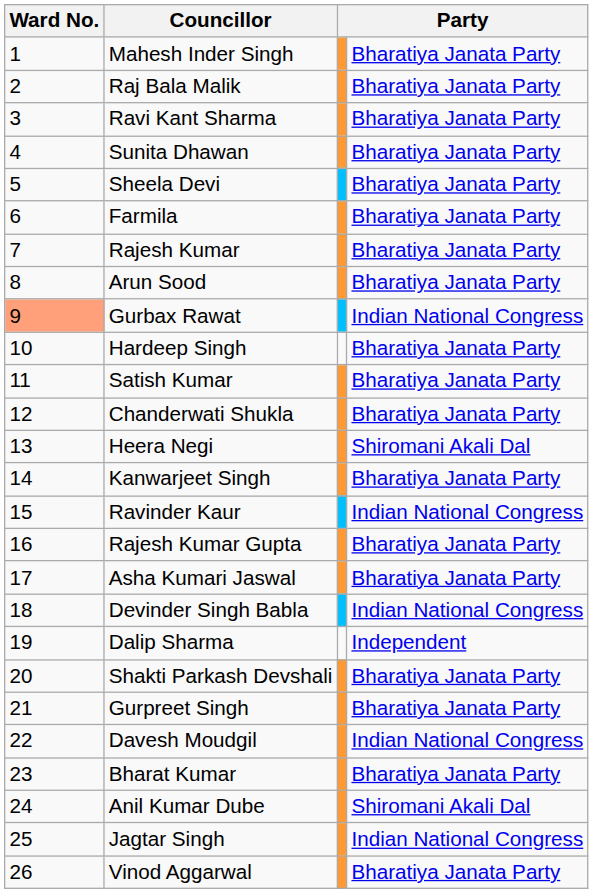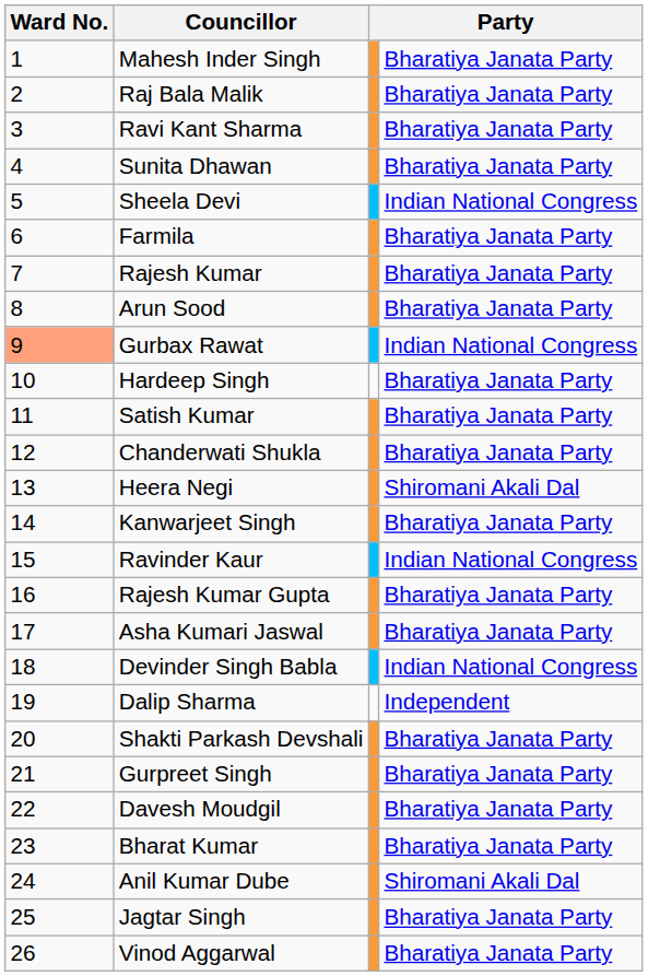 <table class="wikitable sortable">
 <tr>
 <th>Ward No.</th>
 <th>Councillor</th>
 <th colspan="2">Party</th>
 </tr>
 <tr>
 <td>1</td>
 <td>Mahesh Inder Singh</td>
 <td bgcolor=#FF9933></td>
 <td><a href='#'>Bharatiya Janata Party</a></td>
 </tr>
 <tr>
 <td>2</td>
 <td>Raj Bala Malik</td>
 <td bgcolor=#FF9933></td>
 <td><a href='#'>Bharatiya Janata Party</a></td>
 </tr>
 <tr>
 <td>3</td>
 <td>Ravi Kant Sharma</td>
 <td bgcolor=#FF9933></td>
 <td><a href='#'>Bharatiya Janata Party</a></td>
 </tr>
 <tr>
 <td>4</td>
 <td>Sunita Dhawan</td>
 <td bgcolor=#FF9933></td>
 <td><a href='#'>Bharatiya Janata Party</a></td>
 </tr>
 <tr>
 <td>5</td>
 <td>Sheela Devi</td>
 <td bgcolor=#00BFFF></td>
-<td><a href='#'>Bharatiya Janata Party</a></td>
+<td><a href='#'>Indian National Congress</a></td>
 </tr>
 <tr>
 <td>6</td>
 <td>Farmila</td>
 <td bgcolor=#FF9933></td>
 <td><a href='#'>Bharatiya Janata Party</a></td>
 </tr>
 <tr>
 <td>7</td>
 <td>Rajesh Kumar</td>
 <td bgcolor=#FF9933></td>
 <td><a href='#'>Bharatiya Janata Party</a></td>
 </tr>
 <tr>
 <td>8</td>
 <td>Arun Sood</td>
 <td bgcolor=#FF9933></td>
 <td><a href='#'>Bharatiya Janata Party</a></td>
 </tr>
 <tr>
 <td style="background: lightsalmon;">9</td>
 <td>Gurbax Rawat</td>
 <td bgcolor=#00BFFF></td>
 <td><a href='#'>Indian National Congress</a></td>
 </tr>
 <tr>
 <td>10</td>
 <td>Hardeep Singh</td>
 <td bgcolor=></td>
 <td><a href='#'>Bharatiya Janata Party</a></td>
 </tr>
 <tr>
 <td>11</td>
 <td>Satish Kumar</td>
 <td bgcolor=#FF9933></td>
 <td><a href='#'>Bharatiya Janata Party</a></td>
 </tr>
 <tr>
 <td>12</td>
 <td>Chanderwati Shukla</td>
 <td bgcolor=#FF9933></td>
 <td><a href='#'>Bharatiya Janata Party</a></td>
 </tr>
 <tr>
 <td>13</td>
 <td>Heera Negi</td>
 <td bgcolor=#FF9933></td>
 <td><a href='#'>Shiromani Akali Dal</a></td>
 </tr>
 <tr>
 <td>14</td>
 <td>Kanwarjeet Singh</td>
 <td bgcolor=#FF9933></td>
 <td><a href='#'>Bharatiya Janata Party</a></td>
 </tr>
 <tr>
 <td>15</td>
 <td>Ravinder Kaur</td>
 <td bgcolor=#00BFFF></td>
 <td><a href='#'>Indian National Congress</a></td>
 </tr>
 <tr>
 <td>16</td>
 <td>Rajesh Kumar Gupta</td>
 <td bgcolor=#FF9933></td>
 <td><a href='#'>Bharatiya Janata Party</a></td>
 </tr>
 <tr>
 <td>17</td>
 <td>Asha Kumari Jaswal</td>
 <td bgcolor=#FF9933></td>
 <td><a href='#'>Bharatiya Janata Party</a></td>
 </tr>
 <tr>
 <td>18</td>
 <td>Devinder Singh Babla</td>
 <td bgcolor=#00BFFF></td>
 <td><a href='#'>Indian National Congress</a></td>
 </tr>
 <tr>
 <td>19</td>
 <td>Dalip Sharma</td>
 <td style="background-color: "></td>
 <td><a href='#'>Independent</a></td>
 </tr>
 <tr>
 <td>20</td>
 <td>Shakti Parkash Devshali</td>
 <td bgcolor=#FF9933></td>
 <td><a href='#'>Bharatiya Janata Party</a></td>
 </tr>
 <tr>
 <td>21</td>
 <td>Gurpreet Singh</td>
 <td bgcolor=#FF9933></td>
 <td><a href='#'>Bharatiya Janata Party</a></td>
 </tr>
 <tr>
 <td>22</td>
 <td>Davesh Moudgil</td>
 <td bgcolor=#FF9933></td>
-<td><a href='#'>Indian National Congress</a></td>
+<td><a href='#'>Bharatiya Janata Party</a></td>
 </tr>
 <tr>
 <td>23</td>
 <td>Bharat Kumar</td>
 <td bgcolor=#FF9933></td>
 <td><a href='#'>Bharatiya Janata Party</a></td>
 </tr>
 <tr>
 <td>24</td>
 <td>Anil Kumar Dube</td>
 <td bgcolor=#FF9933></td>
 <td><a href='#'>Shiromani Akali Dal</a></td>
 </tr>
 <tr>
 <td>25</td>
 <td>Jagtar Singh</td>
 <td bgcolor=#FF9933></td>
-<td><a href='#'>Indian National Congress</a></td>
+<td><a href='#'>Bharatiya Janata Party</a></td>
 </tr>
 <tr>
 <td>26</td>
 <td>Vinod Aggarwal</td>
 <td bgcolor=#FF9933></td>
 <td><a href='#'>Bharatiya Janata Party</a></td>
 </tr>
 </table>
